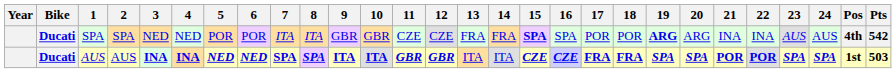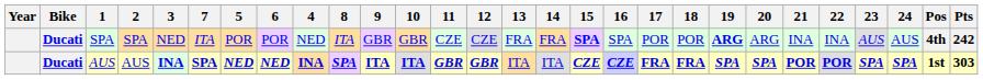 <table class="wikitable" style="text-align:center; font-size:90%;">
 <tr>
 <th>Year</th>
 <th>Bike</th>
 <th>1</th>
 <th>2</th>
 <th>3</th>
-<th>4</th>
+<th>7</th>
 <th>5</th>
 <th>6</th>
-<th>7</th>
+<th>4</th>
 <th>8</th>
 <th>9</th>
 <th>10</th>
 <th>11</th>
 <th>12</th>
 <th>13</th>
 <th>14</th>
 <th>15</th>
 <th>16</th>
 <th>17</th>
 <th>18</th>
 <th>19</th>
 <th>20</th>
 <th>21</th>
 <th>22</th>
 <th>23</th>
 <th>24</th>
 <th>Pos</th>
 <th>Pts</th>
 </tr>
 <tr>
 <th></th>
 <th><a href='#'>Ducati</a></th>
 <td style="background:#dfffdf;"><a href='#'>SPA</a><br></td>
 <td style="background:#ffdf9f;"><a href='#'>SPA</a><br></td>
 <td style="background:#ffdf9f;"><a href='#'>NED</a><br></td>
-<td style="background:#dfffdf;"><a href='#'>NED</a><br></td>
+<td style="background:#ffdf9f;"><em><a href='#'>ITA</a></em><br></td>
 <td style="background:#ffdf9f;"><a href='#'>POR</a><br></td>
 <td style="background:#efcfff;"><a href='#'>POR</a><br></td>
-<td style="background:#ffdf9f;"><em><a href='#'>ITA</a></em><br></td>
+<td style="background:#dfffdf;"><a href='#'>NED</a><br></td>
 <td style="background:#ffdf9f;"><em><a href='#'>ITA</a></em><br></td>
 <td style="background:#efcfff;"><a href='#'>GBR</a><br></td>
 <td style="background:#ffdf9f;"><a href='#'>GBR</a><br></td>
 <td style="background:#dfffdf;"><a href='#'>CZE</a><br></td>
 <td style="background:#dfdfdf;"><a href='#'>CZE</a><br></td>
 <td style="background:#dfffdf;"><a href='#'>FRA</a><br></td>
 <td style="background:#ffdf9f;"><a href='#'>FRA</a><br></td>
 <td style="background:#efcfff;"><strong><a href='#'>SPA</a><br></strong></td>
 <td style="background:#dfffdf;"><a href='#'>SPA</a><br></td>
 <td style="background:#dfffdf;"><a href='#'>POR</a><br></td>
 <td style="background:#dfffdf;"><a href='#'>POR</a><br></td>
 <td style="background:#dfffdf;"><strong><a href='#'>ARG</a><br></strong></td>
 <td style="background:#dfffdf;"><a href='#'>ARG</a><br></td>
 <td style="background:#dfffdf;"><a href='#'>INA</a><br></td>
 <td style="background:#dfffdf;"><a href='#'>INA</a><br></td>
 <td style="background:#DFDFDF;"><em><a href='#'>AUS</a></em><br></td>
 <td style="background:#dfffdf;"><a href='#'>AUS</a><br></td>
 <th>4th</th>
-<th>542</th>
+<th>242</th>
 </tr>
 <tr>
 <th></th>
 <th><a href='#'>Ducati</a></th>
 <td style="background:#ffffbf;"><em><a href='#'>AUS</a></em><br></td>
 <td style="background:#ffffbf;"><a href='#'>AUS</a><br></td>
 <td style="background:#dfffdf;"><strong><a href='#'>INA</a></strong><br></td>
-<td style="background:#ffdf9f;"><strong><a href='#'>INA</a></strong><br></td>
+<td style="background:#ffffbf;"><strong><a href='#'>SPA</a></strong><br></td>
 <td style="background:#ffffbf;"><strong><em><a href='#'>NED</a></em></strong><br></td>
 <td style="background:#ffffbf;"><strong><em><a href='#'>NED</a></em></strong><br></td>
-<td style="background:#ffffbf;"><strong><a href='#'>SPA</a></strong><br></td>
+<td style="background:#ffdf9f;"><strong><a href='#'>INA</a></strong><br></td>
 <td style="background:#efcfff;"><strong><em><a href='#'>SPA</a></em></strong><br></td>
 <td style="background:#ffffbf;"><strong><a href='#'>ITA</a></strong><br></td>
 <td style="background:#dfdfdf;"><strong><a href='#'>ITA</a></strong><br></td>
 <td style="background:#ffffbf;"><strong><em><a href='#'>GBR</a></em></strong><br></td>
 <td style="background:#ffffbf;"><strong><em><a href='#'>GBR</a></em></strong><br></td>
 <td style="background:#ffdf9f;"><a href='#'>ITA</a><br></td>
 <td style="background:#dfdfdf;"><a href='#'>ITA</a><br></td>
 <td style="background:#ffffbf;"><strong><em><a href='#'>CZE</a></em></strong><br></td>
 <td style="background:#cfcfff;"><strong><em><a href='#'>CZE</a></em></strong><br></td>
 <td style="background:#ffffbf;"><strong><a href='#'>FRA</a></strong><br></td>
 <td style="background:#ffffbf;"><strong><a href='#'>FRA</a></strong><br></td>
 <td style="background:#ffffbf;"><strong><em><a href='#'>SPA</a></em></strong><br></td>
 <td style="background:#ffffbf;"><strong><em><a href='#'>SPA</a></em></strong><br></td>
 <td style="background:#ffffbf;"><strong><a href='#'>POR</a></strong><br></td>
 <td style="background:#dfdfdf;"><strong><a href='#'>POR</a></strong><br></td>
 <td style="background:#ffffbf;"><strong><em><a href='#'>SPA</a></em></strong><br></td>
 <td style="background:#ffffbf;"><strong><em><a href='#'>SPA</a></em></strong><br></td>
 <th style="background:#ffffbf;">1st</th>
-<th style="background:#ffffbf;">503</th>
+<th style="background:#ffffbf;">303</th>
 </tr>
 </table>
